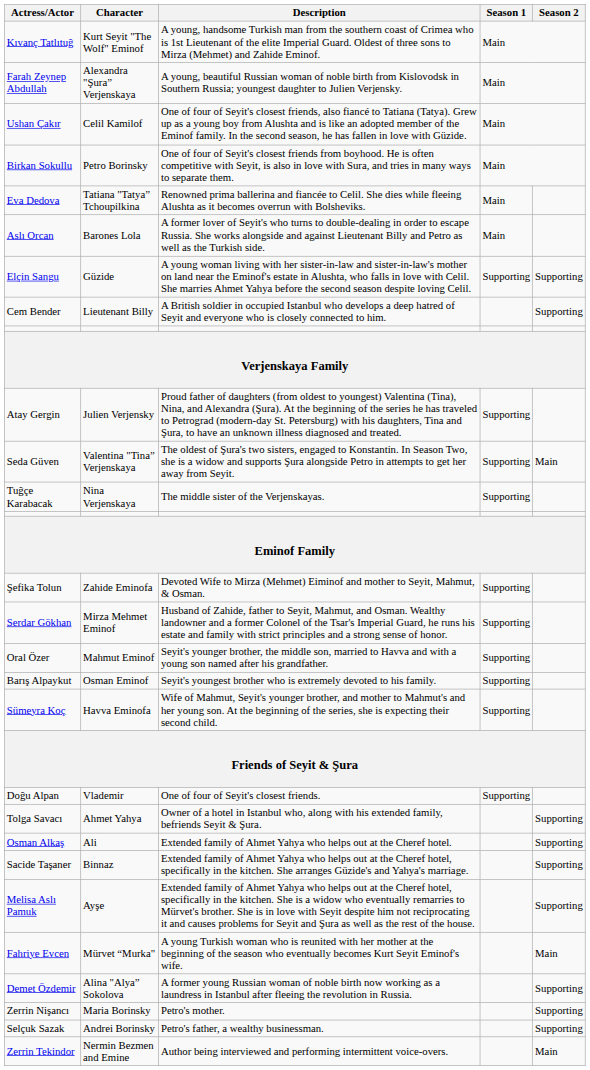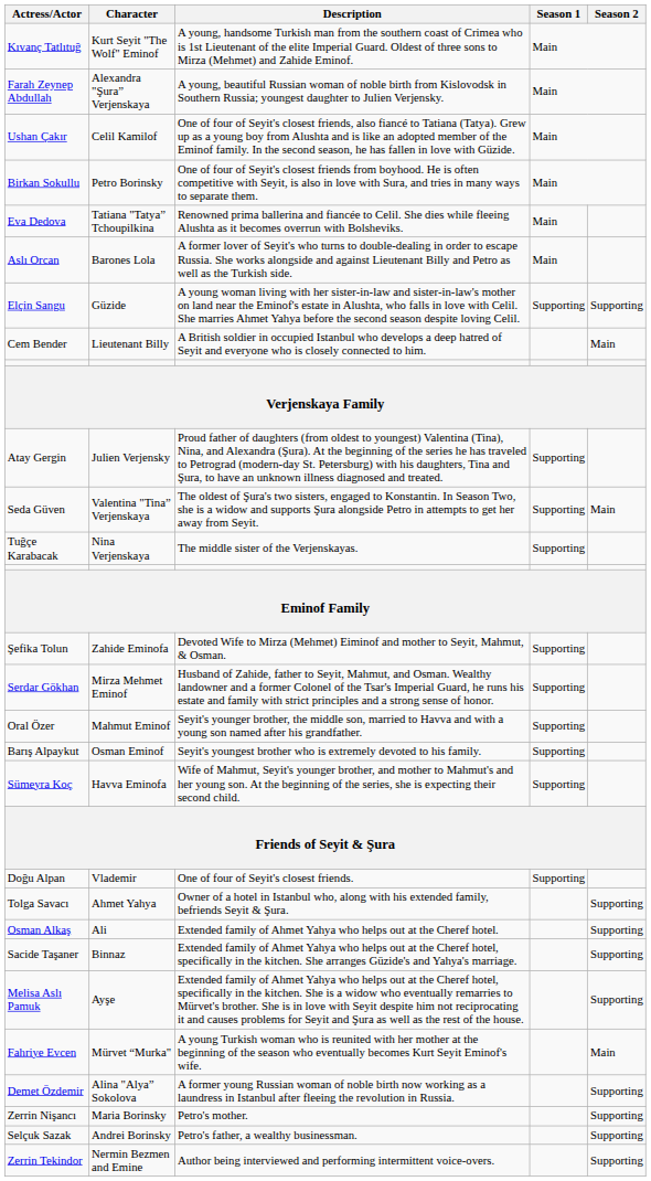 <table class="wikitable">
 <tr>
 <th>Actress/Actor</th>
 <th>Character</th>
 <th>Description</th>
 <th>Season 1</th>
 <th>Season 2</th>
 </tr>
 <tr>
 <td><a href='#'>Kıvanç Tatlıtuğ</a></td>
 <td>Kurt Seyit "The Wolf" Eminof</td>
 <td>A young, handsome Turkish man from the southern coast of Crimea who is 1st Lieutenant of the elite Imperial Guard. Oldest of three sons to Mirza (Mehmet) and Zahide Eminof.</td>
 <td colspan="2">Main</td>
 </tr>
 <tr>
 <td><a href='#'>Farah Zeynep Abdullah</a></td>
 <td>Alexandra "Şura” Verjenskaya</td>
 <td>A young, beautiful Russian woman of noble birth from Kislovodsk in Southern Russia; youngest daughter to Julien Verjensky.</td>
 <td colspan="2">Main</td>
 </tr>
 <tr>
 <td><a href='#'>Ushan Çakır</a></td>
 <td>Celil Kamilof</td>
 <td>One of four of Seyit's closest friends, also fiancé to Tatiana (Tatya). Grew up as a young boy from Alushta and is like an adopted member of the Eminof family. In the second season, he has fallen in love with Güzide.</td>
 <td colspan="2">Main</td>
 </tr>
 <tr>
 <td><a href='#'>Birkan Sokullu</a></td>
 <td>Petro Borinsky</td>
 <td>One of four of Seyit's closest friends from boyhood. He is often competitive with Seyit, is also in love with Sura, and tries in many ways to separate them.</td>
 <td colspan="2">Main</td>
 </tr>
 <tr>
 <td><a href='#'>Eva Dedova</a></td>
 <td>Tatiana "Tatya” Tchoupilkina</td>
 <td>Renowned prima ballerina and fiancée to Celil. She dies while fleeing Alushta as it becomes overrun with Bolsheviks.</td>
 <td>Main</td>
 <td></td>
 </tr>
 <tr>
 <td><a href='#'>Aslı Orcan</a></td>
 <td>Barones Lola</td>
 <td>A former lover of Seyit's who turns to double-dealing in order to escape Russia. She works alongside and against Lieutenant Billy and Petro as well as the Turkish side.</td>
 <td>Main</td>
 <td></td>
 </tr>
 <tr>
 <td><a href='#'>Elçin Sangu</a></td>
 <td>Güzide</td>
 <td>A young woman living with her sister-in-law and sister-in-law's mother on land near the Eminof's estate in Alushta, who falls in love with Celil. She marries Ahmet Yahya before the second season despite loving Celil.</td>
 <td>Supporting</td>
 <td>Supporting</td>
 </tr>
 <tr>
 <td>Cem Bender</td>
 <td>Lieutenant Billy</td>
 <td>A British soldier in occupied Istanbul who develops a deep hatred of Seyit and everyone who is closely connected to him.</td>
 <td></td>
-<td>Supporting</td>
+<td>Main</td>
 </tr>
 <tr>
 <td></td>
 <td></td>
 <td></td>
 <td></td>
 <td></td>
 </tr>
 <tr>
 <th colspan="5"><br><h3>Verjenskaya Family</h3></th>
 </tr>
 <tr>
 <td>Atay Gergin</td>
 <td>Julien Verjensky</td>
 <td>Proud father of daughters (from oldest to youngest) Valentina (Tina), Nina, and Alexandra (Şura). At the beginning of the series he has traveled to Petrograd (modern-day St. Petersburg) with his daughters, Tina and Şura, to have an unknown illness diagnosed and treated.</td>
 <td>Supporting</td>
 <td></td>
 </tr>
 <tr>
 <td>Seda Güven</td>
 <td>Valentina "Tina” Verjenskaya</td>
 <td>The oldest of Şura's two sisters, engaged to Konstantin. In Season Two, she is a widow and supports Şura alongside Petro in attempts to get her away from Seyit.</td>
 <td>Supporting</td>
 <td>Main</td>
 </tr>
 <tr>
 <td>Tuğçe Karabacak</td>
 <td>Nina Verjenskaya</td>
 <td>The middle sister of the Verjenskayas.</td>
 <td>Supporting</td>
 <td></td>
 </tr>
 <tr>
 <td></td>
 <td></td>
 <td></td>
 <td></td>
 <td></td>
 </tr>
 <tr>
 <th colspan="5"><br><h3>Eminof Family</h3></th>
 </tr>
 <tr>
 <td>Şefika Tolun</td>
 <td>Zahide Eminofa</td>
 <td>Devoted Wife to Mirza (Mehmet) Eiminof and mother to Seyit, Mahmut, & Osman.</td>
 <td>Supporting</td>
 <td></td>
 </tr>
 <tr>
 <td><a href='#'>Serdar Gökhan</a></td>
 <td>Mirza Mehmet Eminof</td>
 <td>Husband of Zahide, father to Seyit, Mahmut, and Osman. Wealthy landowner and a former Colonel of the Tsar's Imperial Guard, he runs his estate and family with strict principles and a strong sense of honor.</td>
 <td>Supporting</td>
 <td></td>
 </tr>
 <tr>
 <td>Oral Özer</td>
 <td>Mahmut Eminof</td>
 <td>Seyit's younger brother, the middle son, married to Havva and with a young son named after his grandfather.</td>
 <td>Supporting</td>
 <td></td>
 </tr>
 <tr>
 <td>Barış Alpaykut</td>
 <td>Osman Eminof</td>
 <td>Seyit's youngest brother who is extremely devoted to his family.</td>
 <td>Supporting</td>
 <td></td>
 </tr>
 <tr>
 <td><a href='#'>Sümeyra Koç</a></td>
 <td>Havva Eminofa</td>
 <td>Wife of Mahmut, Seyit's younger brother, and mother to Mahmut's and her young son. At the beginning of the series, she is expecting their second child.</td>
 <td>Supporting</td>
 <td></td>
 </tr>
 <tr>
 <th colspan="5"><br><h3>Friends of Seyit & Şura</h3></th>
 </tr>
 <tr>
 <td>Doğu Alpan</td>
 <td>Vlademir</td>
 <td>One of four of Seyit's closest friends.</td>
 <td>Supporting</td>
 <td></td>
 </tr>
 <tr>
 <td>Tolga Savacı</td>
 <td>Ahmet Yahya</td>
 <td>Owner of a hotel in Istanbul who, along with his extended family, befriends Seyit & Şura.</td>
 <td></td>
 <td>Supporting</td>
 </tr>
 <tr>
 <td><a href='#'>Osman Alkaş</a></td>
 <td>Ali</td>
 <td>Extended family of Ahmet Yahya who helps out at the Cheref hotel.</td>
 <td></td>
 <td>Supporting</td>
 </tr>
 <tr>
 <td>Sacide Taşaner</td>
 <td>Binnaz</td>
 <td>Extended family of Ahmet Yahya who helps out at the Cheref hotel, specifically in the kitchen. She arranges Güzide's and Yahya's marriage.</td>
 <td></td>
 <td>Supporting</td>
 </tr>
 <tr>
 <td><a href='#'>Melisa Aslı Pamuk</a></td>
 <td>Ayşe</td>
 <td>Extended family of Ahmet Yahya who helps out at the Cheref hotel, specifically in the kitchen. She is a widow who eventually remarries to Mürvet's brother. She is in love with Seyit despite him not reciprocating it and causes problems for Seyit and Şura as well as the rest of the house.</td>
 <td></td>
 <td>Supporting</td>
 </tr>
 <tr>
 <td><a href='#'>Fahriye Evcen</a></td>
 <td>Mürvet “Murka"</td>
 <td>A young Turkish woman who is reunited with her mother at the beginning of the season who eventually becomes Kurt Seyit Eminof's wife.</td>
 <td></td>
 <td>Main</td>
 </tr>
 <tr>
 <td><a href='#'>Demet Özdemir</a></td>
 <td>Alina "Alya” Sokolova</td>
 <td>A former young Russian woman of noble birth now working as a laundress in Istanbul after fleeing the revolution in Russia.</td>
 <td></td>
 <td>Supporting</td>
 </tr>
 <tr>
 <td>Zerrin Nişancı</td>
 <td>Maria Borinsky</td>
 <td>Petro's mother.</td>
 <td></td>
 <td>Supporting</td>
 </tr>
 <tr>
 <td>Selçuk Sazak</td>
 <td>Andrei Borinsky</td>
 <td>Petro's father, a wealthy businessman.</td>
 <td></td>
 <td>Supporting</td>
 </tr>
 <tr>
 <td><a href='#'>Zerrin Tekindor</a></td>
 <td>Nermin Bezmen and Emine</td>
 <td>Author being interviewed and performing intermittent voice-overs.</td>
 <td></td>
-<td>Main</td>
+<td>Supporting</td>
 </tr>
 </table>
